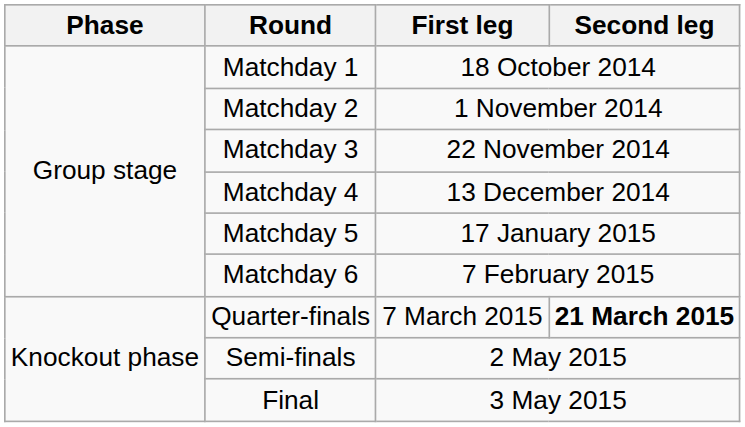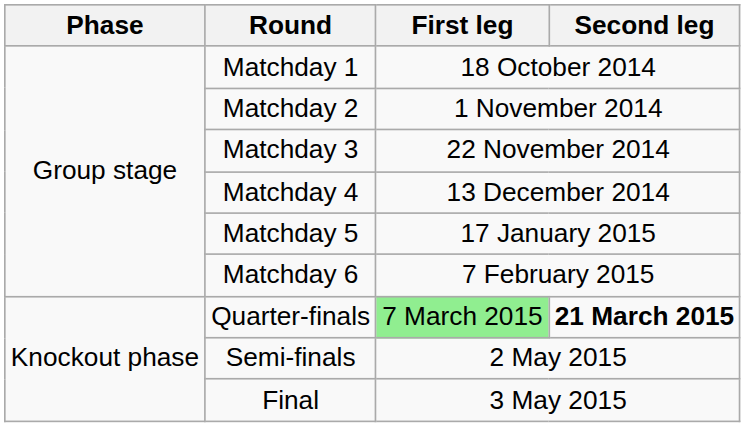 <table class="wikitable" style="text-align:center">
 <tr>
 <th>Phase</th>
 <th>Round</th>
 <th>First leg</th>
 <th>Second leg</th>
 </tr>
 <tr>
 <td rowspan=6>Group stage</td>
 <td>Matchday 1</td>
 <td colspan=2>18 October 2014</td>
 </tr>
 <tr>
 <td>Matchday 2</td>
 <td colspan=2>1 November 2014</td>
 </tr>
 <tr>
 <td>Matchday 3</td>
 <td colspan=2>22 November 2014</td>
 </tr>
 <tr>
 <td>Matchday 4</td>
 <td colspan=2>13 December 2014</td>
 </tr>
 <tr>
 <td>Matchday 5</td>
 <td colspan=2>17 January 2015</td>
 </tr>
 <tr>
 <td>Matchday 6</td>
 <td colspan=2>7 February 2015</td>
 </tr>
 <tr>
 <td rowspan=3>Knockout phase</td>
 <td>Quarter-finals</td>
-<td>7 March 2015</td>
+<td style="background: lightgreen;">7 March 2015</td>
 <td><strong>21 March 2015</strong></td>
 </tr>
 <tr>
 <td>Semi-finals</td>
 <td colspan=2>2 May 2015</td>
 </tr>
 <tr>
 <td>Final</td>
 <td colspan=2>3 May 2015</td>
 </tr>
 </table>
